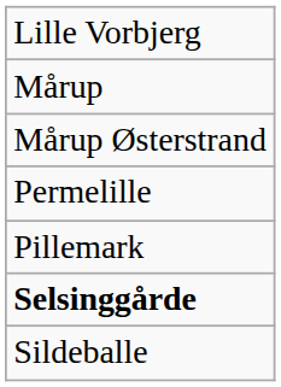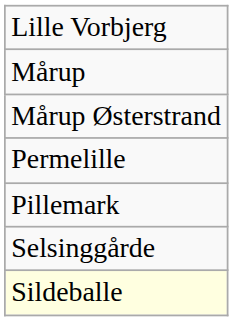 <table class="wikitable" style="float:left; margin-right:1em">
 <tr>
 <td>Lille Vorbjerg</td>
 </tr>
 <tr>
 <td>Mårup</td>
 </tr>
 <tr>
 <td>Mårup Østerstrand</td>
 </tr>
 <tr>
 <td>Permelille</td>
 </tr>
 <tr>
 <td>Pillemark</td>
 </tr>
 <tr>
-<td><strong>Selsinggårde</strong></td>
+<td>Selsinggårde</td>
 </tr>
 <tr>
-<td>Sildeballe</td>
+<td style="background: lightyellow;">Sildeballe</td>
 </tr>
 </table>
